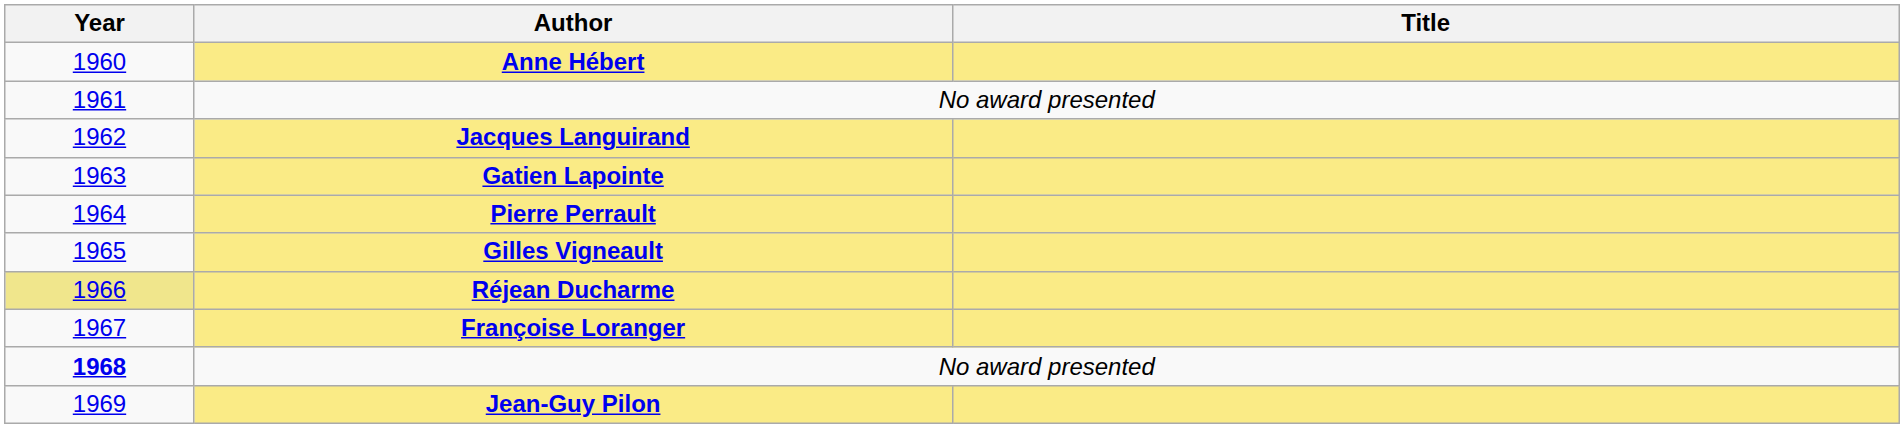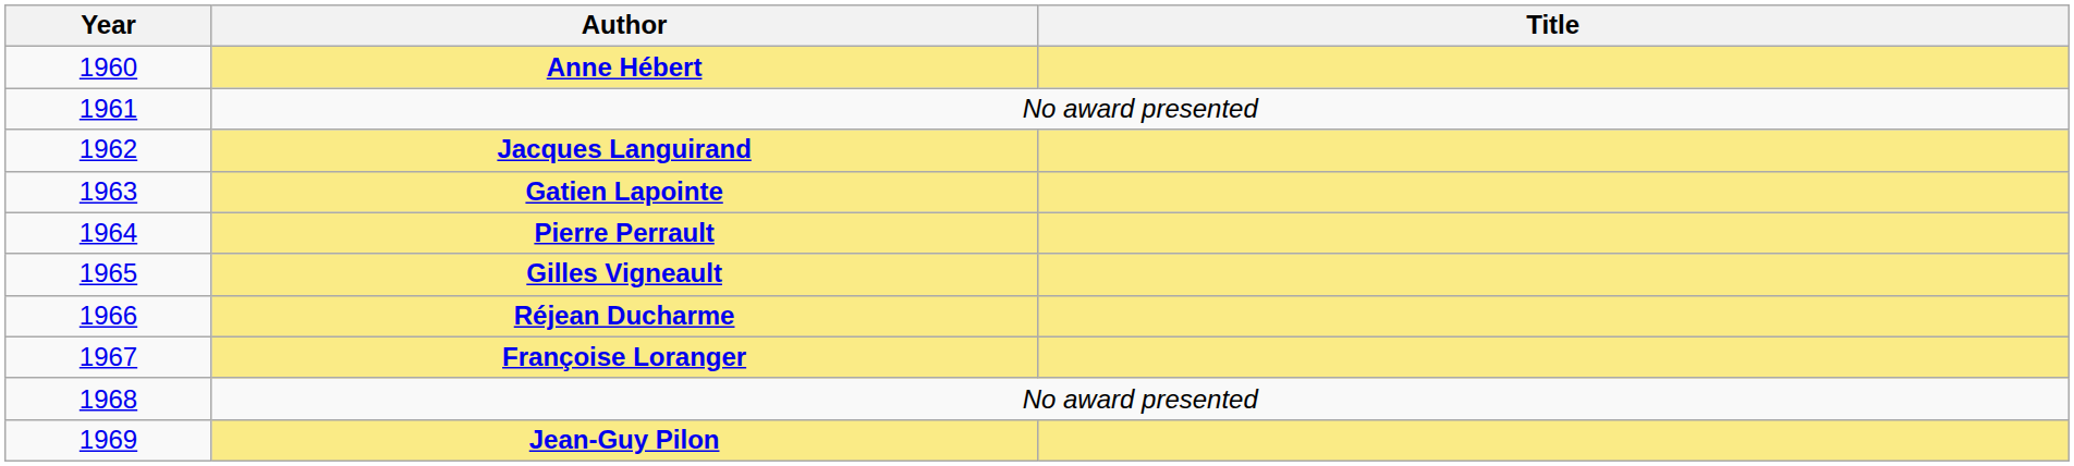 <table class="wikitable" width="100%">
 <tr>
 <th>Year</th>
 <th width="40%">Author</th>
 <th width="50%">Title</th>
 </tr>
 <tr>
 <td align="center"><a href='#'>1960</a></td>
 <td align="center" style="background:#FAEB86"><strong><a href='#'>Anne Hébert</a></strong></td>
 <td align="center" style="background:#FAEB86"><strong><em></em></strong></td>
 </tr>
 <tr>
 <td align="center"><a href='#'>1961</a></td>
 <td align="center" colspan=2><em>No award presented</em></td>
 </tr>
 <tr>
 <td align="center"><a href='#'>1962</a></td>
 <td align="center" style="background:#FAEB86"><strong><a href='#'>Jacques Languirand</a></strong></td>
 <td align="center" style="background:#FAEB86"><strong><em></em></strong></td>
 </tr>
 <tr>
 <td align="center"><a href='#'>1963</a></td>
 <td align="center" style="background:#FAEB86"><strong><a href='#'>Gatien Lapointe</a></strong></td>
 <td align="center" style="background:#FAEB86"><strong><em></em></strong></td>
 </tr>
 <tr>
 <td align="center"><a href='#'>1964</a></td>
 <td align="center" style="background:#FAEB86"><strong><a href='#'>Pierre Perrault</a></strong></td>
 <td align="center" style="background:#FAEB86"><strong><em></em></strong></td>
 </tr>
 <tr>
 <td align="center"><a href='#'>1965</a></td>
 <td align="center" style="background:#FAEB86"><strong><a href='#'>Gilles Vigneault</a></strong></td>
 <td align="center" style="background:#FAEB86"><strong><em></em></strong></td>
 </tr>
 <tr>
-<td align="center" style="background: khaki;"><a href='#'>1966</a></td>
+<td align="center"><a href='#'>1966</a></td>
 <td align="center" style="background:#FAEB86"><strong><a href='#'>Réjean Ducharme</a></strong></td>
 <td align="center" style="background:#FAEB86"><strong><em></em></strong></td>
 </tr>
 <tr>
 <td align="center"><a href='#'>1967</a></td>
 <td align="center" style="background:#FAEB86"><strong><a href='#'>Françoise Loranger</a></strong></td>
 <td align="center" style="background:#FAEB86"><strong><em></em></strong></td>
 </tr>
 <tr>
-<td align="center"><strong><a href='#'>1968</a></strong></td>
+<td align="center"><a href='#'>1968</a></td>
 <td align="center" colspan=2><em>No award presented</em></td>
 </tr>
 <tr>
 <td align="center"><a href='#'>1969</a></td>
 <td align="center" style="background:#FAEB86"><strong><a href='#'>Jean-Guy Pilon</a></strong></td>
 <td align="center" style="background:#FAEB86"><strong><em></em></strong></td>
 </tr>
 </table>
